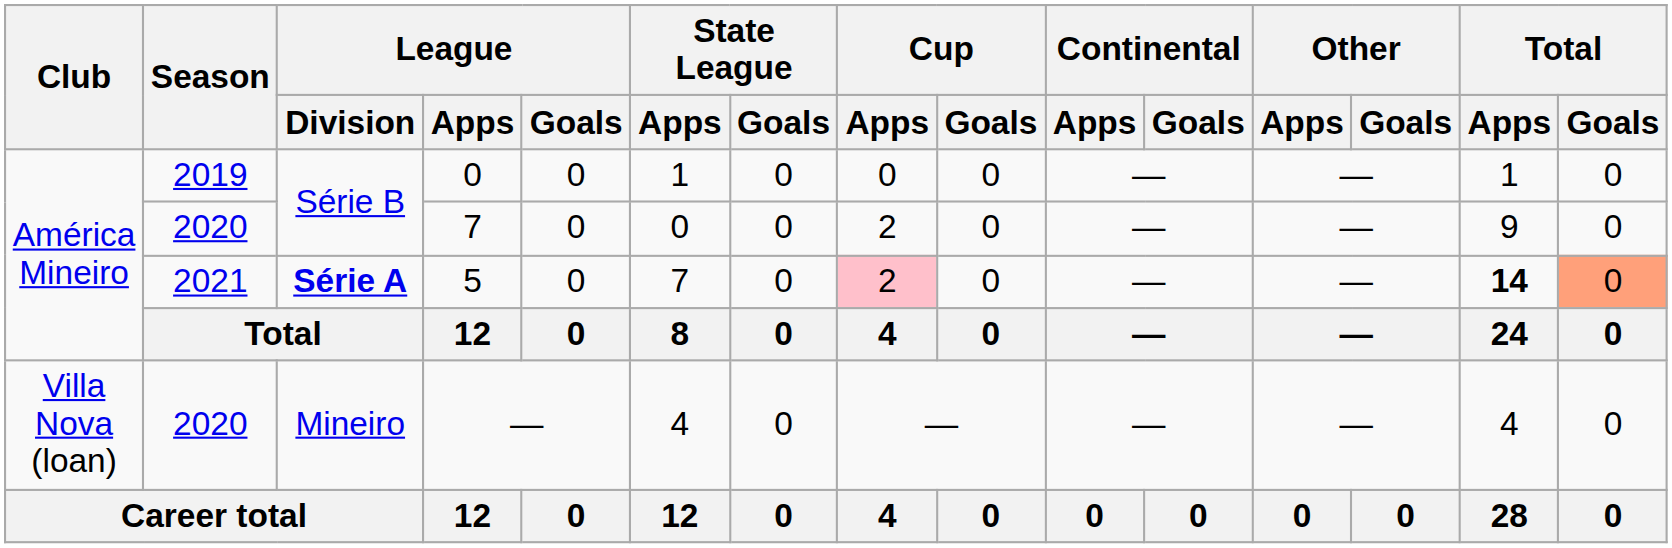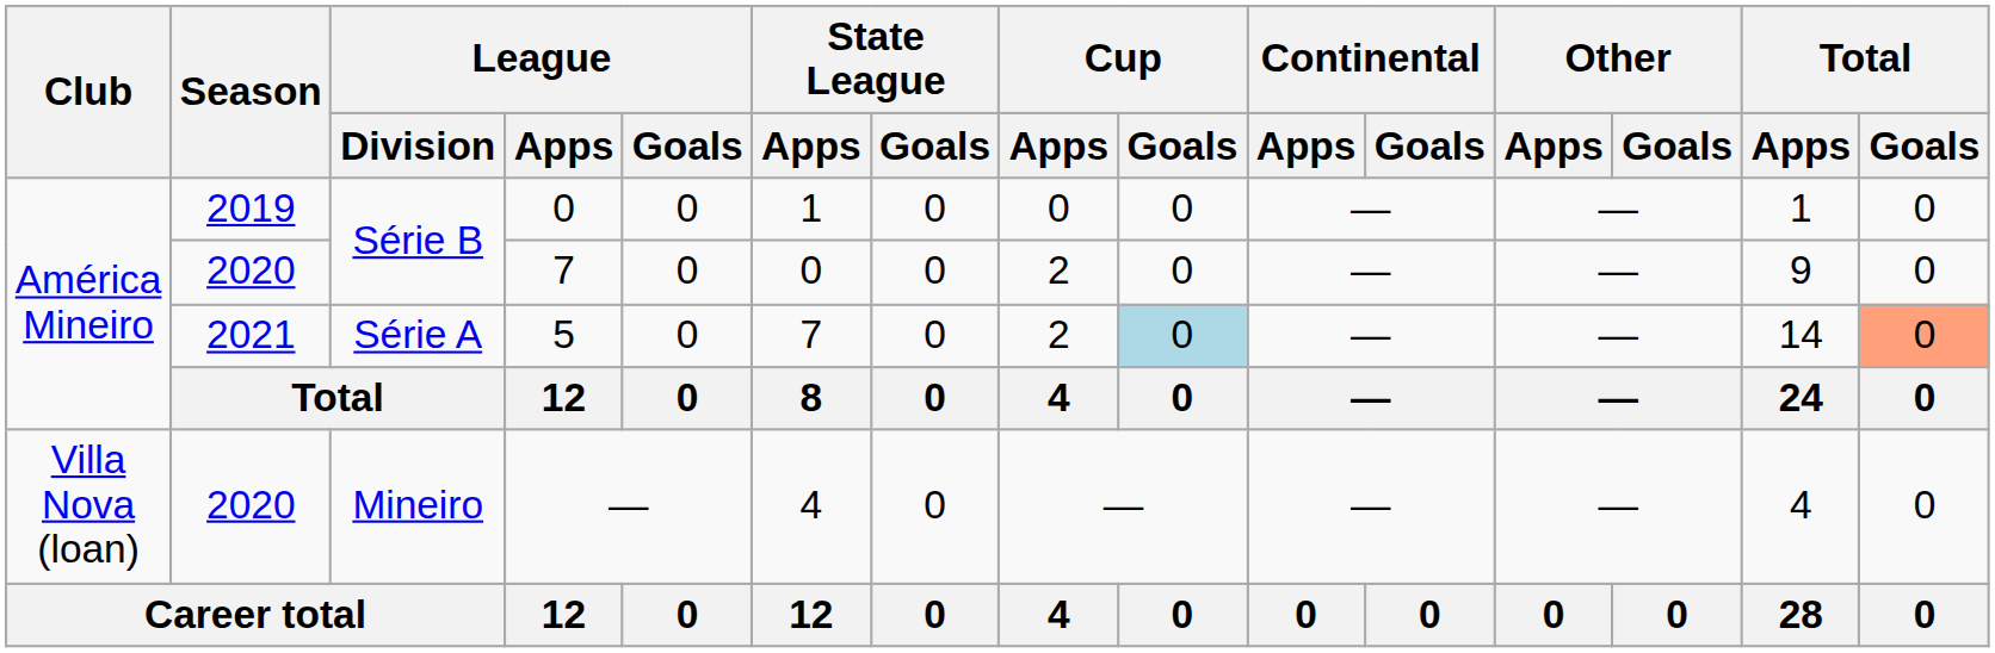 <table class="wikitable" style="text-align: center;">
 <tr>
 <th rowspan="2">Club</th>
 <th rowspan="2">Season</th>
 <th colspan="3">League</th>
 <th colspan="2">State League</th>
 <th colspan="2">Cup</th>
 <th colspan="2">Continental</th>
 <th colspan="2">Other</th>
 <th colspan="2">Total</th>
 </tr>
 <tr>
 <th>Division</th>
 <th>Apps</th>
 <th>Goals</th>
 <th>Apps</th>
 <th>Goals</th>
 <th>Apps</th>
 <th>Goals</th>
 <th>Apps</th>
 <th>Goals</th>
 <th>Apps</th>
 <th>Goals</th>
 <th>Apps</th>
 <th>Goals</th>
 </tr>
 <tr>
 <td rowspan=4><a href='#'>América Mineiro</a></td>
 <td><a href='#'>2019</a></td>
 <td rowspan=2><a href='#'>Série B</a></td>
 <td>0</td>
 <td>0</td>
 <td>1</td>
 <td>0</td>
 <td>0</td>
 <td>0</td>
 <td colspan=2>—</td>
 <td colspan=2>—</td>
 <td>1</td>
 <td>0</td>
 </tr>
 <tr>
 <td><a href='#'>2020</a></td>
 <td>7</td>
 <td>0</td>
 <td>0</td>
 <td>0</td>
 <td>2</td>
 <td>0</td>
 <td colspan=2>—</td>
 <td colspan=2>—</td>
 <td>9</td>
 <td>0</td>
 </tr>
 <tr>
 <td><a href='#'>2021</a></td>
-<td><strong><a href='#'>Série A</a></strong></td>
+<td><a href='#'>Série A</a></td>
 <td>5</td>
 <td>0</td>
 <td>7</td>
 <td>0</td>
-<td style="background: pink;">2</td>
-<td>0</td>
+<td>2</td>
+<td style="background: lightblue;">0</td>
 <td colspan=2>—</td>
 <td colspan=2>—</td>
-<td><strong>14</strong></td>
+<td>14</td>
 <td style="background: lightsalmon;">0</td>
 </tr>
 <tr>
 <th colspan=2>Total</th>
 <th>12</th>
 <th>0</th>
 <th>8</th>
 <th>0</th>
 <th>4</th>
 <th>0</th>
 <th colspan=2>—</th>
 <th colspan=2>—</th>
 <th>24</th>
 <th>0</th>
 </tr>
 <tr>
 <td><a href='#'>Villa Nova</a> (loan)</td>
 <td><a href='#'>2020</a></td>
 <td><a href='#'>Mineiro</a></td>
 <td colspan=2>—</td>
 <td>4</td>
 <td>0</td>
 <td colspan=2>—</td>
 <td colspan=2>—</td>
 <td colspan=2>—</td>
 <td>4</td>
 <td>0</td>
 </tr>
 <tr>
 <th colspan=3><strong>Career total</strong></th>
 <th>12</th>
 <th>0</th>
 <th>12</th>
 <th>0</th>
 <th>4</th>
 <th>0</th>
 <th>0</th>
 <th>0</th>
 <th>0</th>
 <th>0</th>
 <th>28</th>
 <th>0</th>
 </tr>
 </table>
